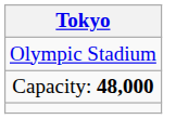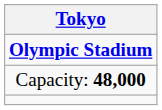 <table class="wikitable" style="text-align:center">
 <tr>
 <th><a href='#'>Tokyo</a></th>
 </tr>
 <tr>
-<td><a href='#'>Olympic Stadium</a></td>
+<td><strong><a href='#'>Olympic Stadium</a></strong></td>
 </tr>
 <tr>
 <td>Capacity: <strong>48,000</strong></td>
 </tr>
 <tr>
 <td></td>
 </tr>
 </table>
